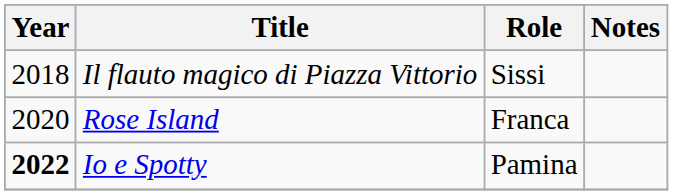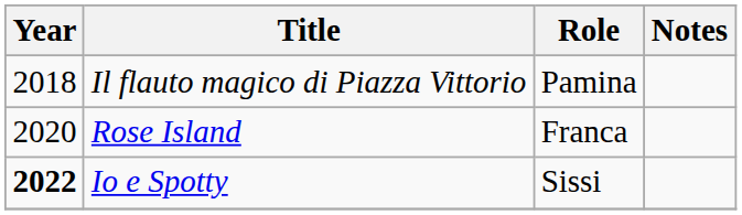 <table class="wikitable sortable">
 <tr>
 <th>Year</th>
 <th>Title</th>
 <th>Role</th>
 <th class="unsortable">Notes</th>
 </tr>
 <tr>
 <td>2018</td>
 <td><em>Il flauto magico di Piazza Vittorio</em></td>
-<td>Sissi</td>
+<td>Pamina</td>
 <td></td>
 </tr>
 <tr>
 <td>2020</td>
 <td><em><a href='#'>Rose Island</a></em></td>
 <td>Franca</td>
 <td></td>
 </tr>
 <tr>
 <td><strong>2022</strong></td>
 <td><em><a href='#'>Io e Spotty</a></em></td>
-<td>Pamina</td>
+<td>Sissi</td>
 <td></td>
 </tr>
 <tr>
 </tr>
 </table>
